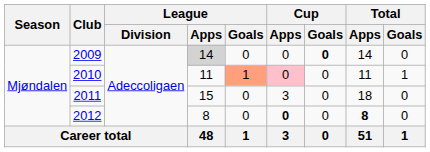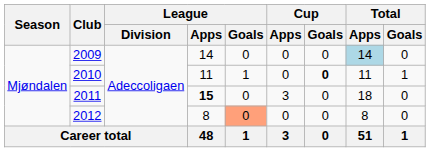 <table class="wikitable" style="text-align:center">
 <tr>
 <th rowspan="2">Season</th>
 <th rowspan="2">Club</th>
 <th colspan="3">League</th>
 <th colspan="2">Cup</th>
 <th colspan="2">Total</th>
 </tr>
 <tr>
 <th>Division</th>
 <th>Apps</th>
 <th>Goals</th>
 <th>Apps</th>
 <th>Goals</th>
 <th>Apps</th>
 <th>Goals</th>
 </tr>
 <tr>
 <td rowspan="4"><a href='#'>Mjøndalen</a></td>
 <td><a href='#'>2009</a></td>
 <td rowspan="4"><a href='#'>Adeccoligaen</a></td>
-<td style="background: lightgrey;">14</td>
+<td>14</td>
 <td>0</td>
 <td>0</td>
-<td><strong>0</strong></td>
-<td>14</td>
+<td>0</td>
+<td style="background: lightblue;">14</td>
 <td>0</td>
 </tr>
 <tr>
 <td><a href='#'>2010</a></td>
 <td>11</td>
-<td style="background: lightsalmon;">1</td>
-<td style="background: pink;">0</td>
+<td>1</td>
 <td>0</td>
+<td><strong>0</strong></td>
 <td>11</td>
 <td>1</td>
 </tr>
 <tr>
 <td><a href='#'>2011</a></td>
-<td>15</td>
+<td><strong>15</strong></td>
 <td>0</td>
 <td>3</td>
 <td>0</td>
 <td>18</td>
 <td>0</td>
 </tr>
 <tr>
 <td><a href='#'>2012</a></td>
 <td>8</td>
+<td style="background: lightsalmon;">0</td>
 <td>0</td>
-<td><strong>0</strong></td>
 <td>0</td>
-<td><strong>8</strong></td>
+<td>8</td>
 <td>0</td>
 </tr>
 <tr>
 <th colspan="3">Career total</th>
 <th>48</th>
 <th>1</th>
 <th>3</th>
 <th>0</th>
 <th>51</th>
 <th>1</th>
 </tr>
 </table>
